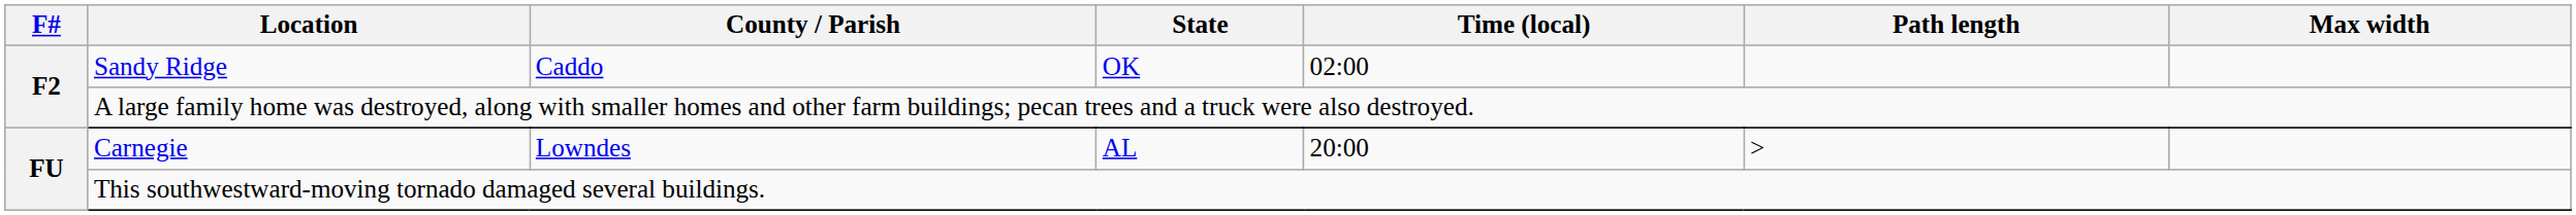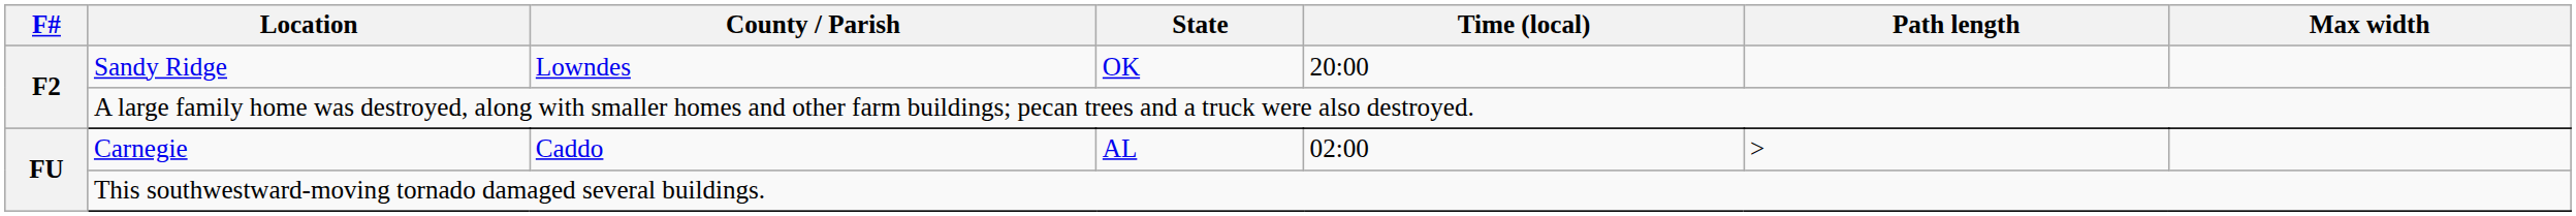 <table class="wikitable sortable" style="width:100%;">
 <tr>
 <th scope="col" align="center"><a href='#'>F#</a><br></th>
 <th scope="col" align="center" class="unsortable">Location</th>
 <th scope="col" align="center" class="unsortable">County / Parish</th>
 <th scope="col" align="center">State</th>
 <th scope="col" align="center">Time (local)</th>
 <th scope="col" align="center">Path length</th>
 <th scope="col" align="center">Max width</th>
 </tr>
 <tr>
 <th scope="row" rowspan="2" style="background-color:#">F2</th>
 <td><a href='#'>Sandy Ridge</a></td>
-<td><a href='#'>Caddo</a></td>
+<td><a href='#'>Lowndes</a></td>
 <td><a href='#'>OK</a></td>
-<td>02:00</td>
+<td>20:00</td>
 <td></td>
 <td></td>
 </tr>
 <tr class="expand-child">
 <td colspan="6" style="border-bottom: 1px solid black;">A large family home was destroyed, along with smaller homes and other farm buildings; pecan trees and a truck were also destroyed.</td>
 </tr>
 <tr>
 <th scope="row" rowspan="2" style="background-color:#">FU</th>
 <td><a href='#'>Carnegie</a></td>
-<td><a href='#'>Lowndes</a></td>
+<td><a href='#'>Caddo</a></td>
 <td><a href='#'>AL</a></td>
-<td>20:00</td>
+<td>02:00</td>
 <td>></td>
 <td></td>
 </tr>
 <tr class="expand-child">
 <td colspan="6" style="border-bottom: 1px solid black;">This southwestward-moving tornado damaged several buildings.</td>
 </tr>
 </table>
